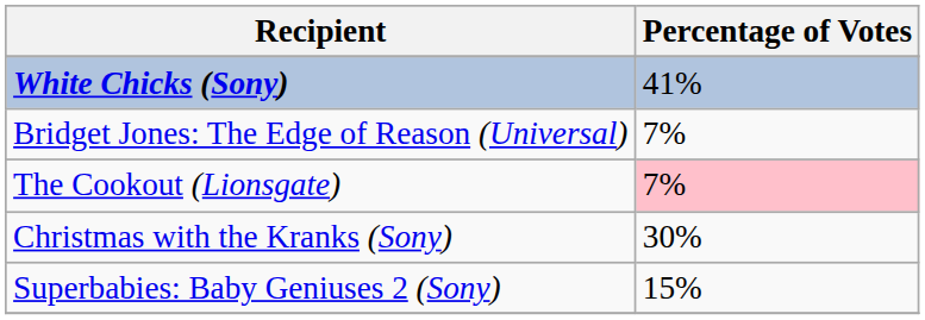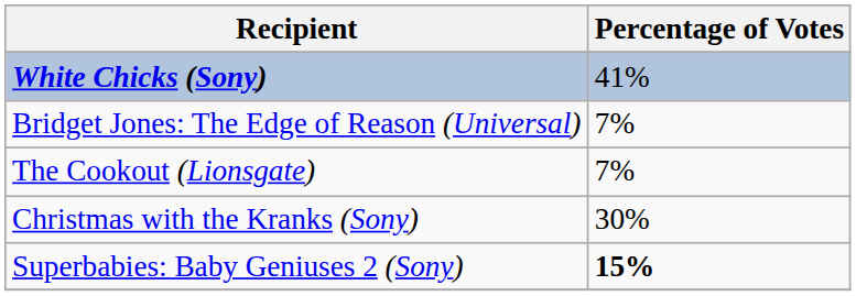 <table class="wikitable sortable plainrowheaders" align="centre">
 <tr>
 <th>Recipient</th>
 <th>Percentage of Votes</th>
 </tr>
 <tr>
 </tr>
 <tr style="background:#B0C4DE;">
 <td><strong><em><a href='#'>White Chicks</a><em> (<a href='#'>Sony</a>)<strong></td>
 <td></strong>41%<strong></td>
 </tr>
 <tr>
 <td></em><a href='#'>Bridget Jones: The Edge of Reason</a><em> (<a href='#'>Universal</a>)</td>
 <td>7%</td>
 </tr>
 <tr>
 <td></em><a href='#'>The Cookout</a><em> (<a href='#'>Lionsgate</a>)</td>
-<td style="background: pink;">7%</td>
+<td>7%</td>
 </tr>
 <tr>
 <td></em><a href='#'>Christmas with the Kranks</a><em> (<a href='#'>Sony</a>)</td>
 <td>30%</td>
 </tr>
 <tr>
 <td></em><a href='#'>Superbabies: Baby Geniuses 2</a><em> (<a href='#'>Sony</a>)</td>
-<td>15%</td>
+<td><strong>15%</strong></td>
 </tr>
 <tr>
 </tr>
 </table>
